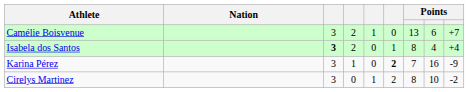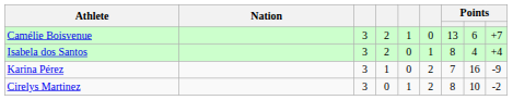 <table class="wikitable" style="text-align: center; font-size:100% ">
 <tr>
 <th rowspan=2 width=250>Athlete</th>
 <th rowspan=2 width=250>Nation</th>
 <th rowspan=2 width=25></th>
 <th rowspan=2 width=25></th>
 <th rowspan=2 width=25></th>
 <th rowspan=2 width=25></th>
 <th colspan=3>Points</th>
 </tr>
 <tr>
 <th width=25></th>
 <th width=25></th>
 <th width=25></th>
 </tr>
 <tr bgcolor="ccffcc">
 <td align=left><a href='#'>Camélie Boisvenue</a></td>
 <td align=left></td>
 <td>3</td>
 <td>2</td>
 <td>1</td>
 <td>0</td>
 <td>13</td>
 <td>6</td>
 <td>+7</td>
 </tr>
 <tr bgcolor="ccffcc">
 <td align=left><a href='#'>Isabela dos Santos</a></td>
 <td align=left></td>
-<td><strong>3</strong></td>
+<td>3</td>
 <td>2</td>
 <td>0</td>
 <td>1</td>
 <td>8</td>
 <td>4</td>
 <td>+4</td>
 </tr>
 <tr>
 <td align=left><a href='#'>Karina Pérez</a></td>
 <td align=left></td>
 <td>3</td>
 <td>1</td>
 <td>0</td>
-<td><strong>2</strong></td>
+<td>2</td>
 <td>7</td>
 <td>16</td>
 <td>-9</td>
 </tr>
 <tr>
 <td align=left><a href='#'>Cirelys Martinez</a></td>
 <td align=left></td>
 <td>3</td>
 <td>0</td>
 <td>1</td>
 <td>2</td>
 <td>8</td>
 <td>10</td>
 <td>-2</td>
 </tr>
 </table>
